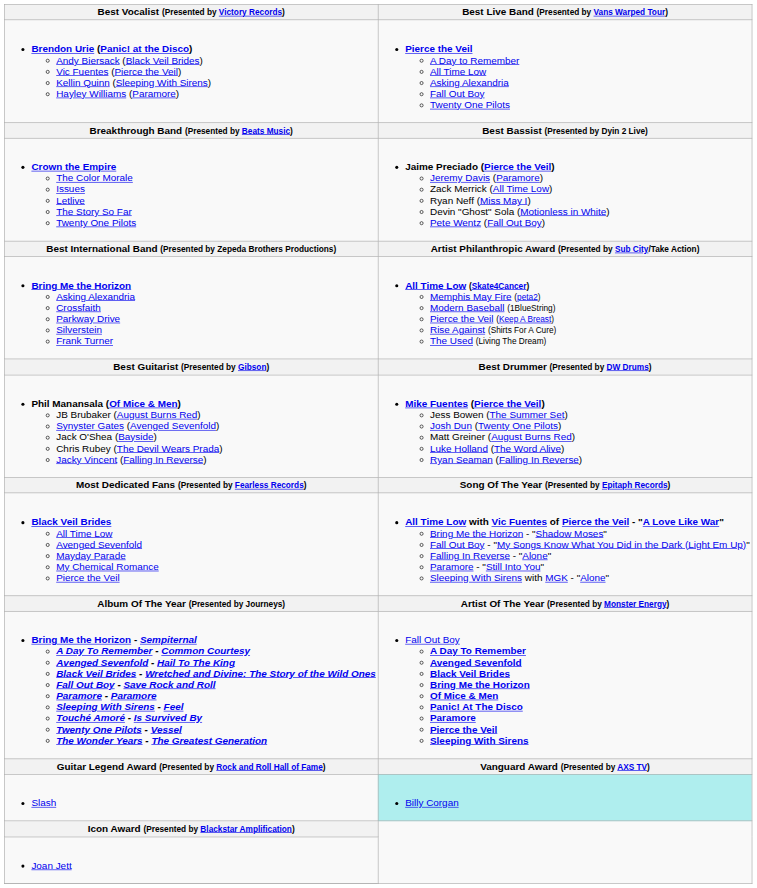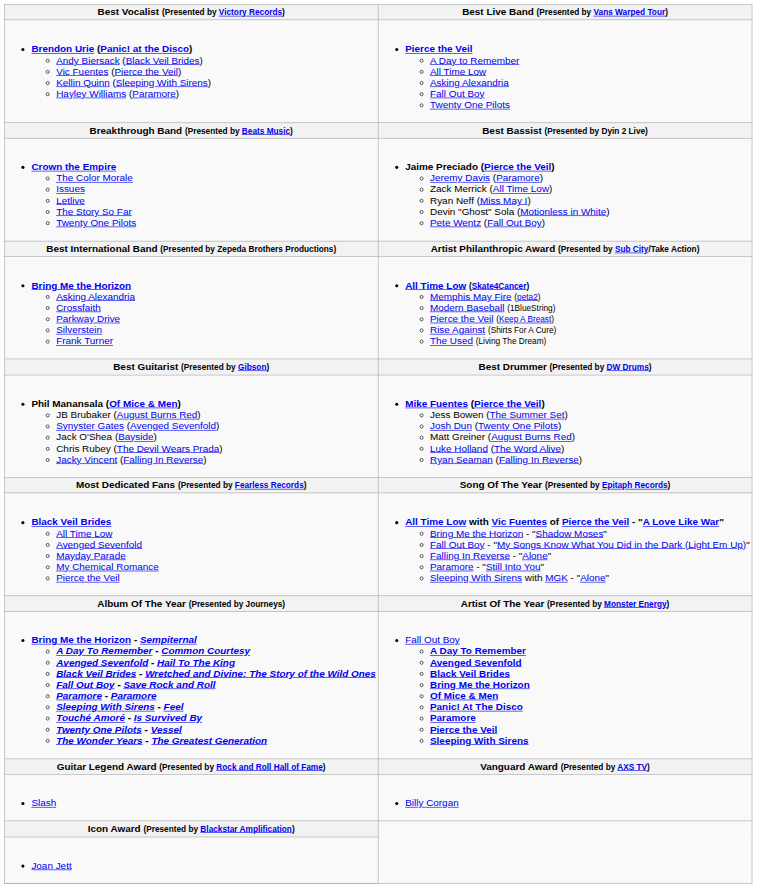 <table class="wikitable">
 <tr>
 <th>Best Vocalist <small>(Presented by <a href='#'>Victory Records</a>)</small></th>
 <th>Best Live Band <small>(Presented by <a href='#'>Vans Warped Tour</a>)</small></th>
 </tr>
 <tr>
 <td valign="top"><br><ul><li><strong><a href='#'>Brendon Urie</a> (<a href='#'>Panic! at the Disco</a>)</strong><ul><li><a href='#'>Andy Biersack</a> (<a href='#'>Black Veil Brides</a>)</li><li><a href='#'>Vic Fuentes</a> (<a href='#'>Pierce the Veil</a>)</li><li><a href='#'>Kellin Quinn</a> (<a href='#'>Sleeping With Sirens</a>)</li><li><a href='#'>Hayley Williams</a> (<a href='#'>Paramore</a>)</li></ul></li></ul></td>
 <td valign="top"><br><ul><li><strong><a href='#'>Pierce the Veil</a></strong><ul><li><a href='#'>A Day to Remember</a></li><li><a href='#'>All Time Low</a></li><li><a href='#'>Asking Alexandria</a></li><li><a href='#'>Fall Out Boy</a></li><li><a href='#'>Twenty One Pilots</a></li></ul></li></ul></td>
 </tr>
 <tr>
 <th>Breakthrough Band <small>(Presented by <a href='#'>Beats Music</a>)</small></th>
 <th>Best Bassist <small>(Presented by Dyin 2 Live)</small></th>
 </tr>
 <tr>
 <td valign="top"><br><ul><li><strong><a href='#'>Crown the Empire</a></strong><ul><li><a href='#'>The Color Morale</a></li><li><a href='#'>Issues</a></li><li><a href='#'>Letlive</a></li><li><a href='#'>The Story So Far</a></li><li><a href='#'>Twenty One Pilots</a></li></ul></li></ul></td>
 <td valign="top"><br><ul><li><strong>Jaime Preciado (<a href='#'>Pierce the Veil</a>)</strong><ul><li><a href='#'>Jeremy Davis</a> (<a href='#'>Paramore</a>)</li><li>Zack Merrick (<a href='#'>All Time Low</a>)</li><li>Ryan Neff (<a href='#'>Miss May I</a>)</li><li>Devin "Ghost" Sola (<a href='#'>Motionless in White</a>)</li><li><a href='#'>Pete Wentz</a> (<a href='#'>Fall Out Boy</a>)</li></ul></li></ul></td>
 </tr>
 <tr>
 <th>Best International Band <small>(Presented by Zepeda Brothers Productions)</small></th>
 <th>Artist Philanthropic Award <small>(Presented by <a href='#'>Sub City</a>/Take Action)</small></th>
 </tr>
 <tr>
 <td valign="top"><br><ul><li><strong><a href='#'>Bring Me the Horizon</a></strong><ul><li><a href='#'>Asking Alexandria</a></li><li><a href='#'>Crossfaith</a></li><li><a href='#'>Parkway Drive</a></li><li><a href='#'>Silverstein</a></li><li><a href='#'>Frank Turner</a></li></ul></li></ul></td>
 <td valign="top"><br><ul><li><strong><a href='#'>All Time Low</a> <small>(<a href='#'>Skate4Cancer</a>)</small></strong><ul><li><a href='#'>Memphis May Fire</a> <small>(<a href='#'>peta2</a>)</small></li><li><a href='#'>Modern Baseball</a> <small>(1BlueString)</small></li><li><a href='#'>Pierce the Veil</a> <small>(<a href='#'>Keep A Breast</a>)</small></li><li><a href='#'>Rise Against</a> <small>(Shirts For A Cure)</small></li><li><a href='#'>The Used</a> <small>(Living The Dream)</small></li></ul></li></ul></td>
 </tr>
 <tr>
 <th>Best Guitarist <small>(Presented by <a href='#'>Gibson</a>)</small></th>
 <th>Best Drummer <small>(Presented by <a href='#'>DW Drums</a>)</small></th>
 </tr>
 <tr>
 <td valign="top"><br><ul><li><strong>Phil Manansala (<a href='#'>Of Mice & Men</a>)</strong><ul><li>JB Brubaker (<a href='#'>August Burns Red</a>)</li><li><a href='#'>Synyster Gates</a> (<a href='#'>Avenged Sevenfold</a>)</li><li>Jack O'Shea (<a href='#'>Bayside</a>)</li><li>Chris Rubey (<a href='#'>The Devil Wears Prada</a>)</li><li><a href='#'>Jacky Vincent</a> (<a href='#'>Falling In Reverse</a>)</li></ul></li></ul></td>
 <td valign="top"><br><ul><li><strong><a href='#'>Mike Fuentes</a> (<a href='#'>Pierce the Veil</a>)</strong><ul><li>Jess Bowen (<a href='#'>The Summer Set</a>)</li><li><a href='#'>Josh Dun</a> (<a href='#'>Twenty One Pilots</a>)</li><li>Matt Greiner (<a href='#'>August Burns Red</a>)</li><li><a href='#'>Luke Holland</a> (<a href='#'>The Word Alive</a>)</li><li><a href='#'>Ryan Seaman</a> (<a href='#'>Falling In Reverse</a>)</li></ul></li></ul></td>
 </tr>
 <tr>
 <th>Most Dedicated Fans <small>(Presented by <a href='#'>Fearless Records</a>)</small></th>
 <th>Song Of The Year <small>(Presented by <a href='#'>Epitaph Records</a>)</small></th>
 </tr>
 <tr>
 <td valign="top"><br><ul><li><strong><a href='#'>Black Veil Brides</a></strong><ul><li><a href='#'>All Time Low</a></li><li><a href='#'>Avenged Sevenfold</a></li><li><a href='#'>Mayday Parade</a></li><li><a href='#'>My Chemical Romance</a></li><li><a href='#'>Pierce the Veil</a></li></ul></li></ul></td>
 <td valign="top"><br><ul><li><strong><a href='#'>All Time Low</a> with <a href='#'>Vic Fuentes</a> of <a href='#'>Pierce the Veil</a> - "<a href='#'>A Love Like War</a>" </strong><ul><li><a href='#'>Bring Me the Horizon</a> - "<a href='#'>Shadow Moses</a>"</li><li><a href='#'>Fall Out Boy</a> - "<a href='#'>My Songs Know What You Did in the Dark (Light Em Up)</a>"</li><li><a href='#'>Falling In Reverse</a> - "<a href='#'>Alone</a>"</li><li><a href='#'>Paramore</a> - "<a href='#'>Still Into You</a>"</li><li><a href='#'>Sleeping With Sirens</a> with <a href='#'>MGK</a> - "<a href='#'>Alone</a>"</li></ul></li></ul></td>
 </tr>
 <tr>
 <th>Album Of The Year <small>(Presented by Journeys)</small></th>
 <th>Artist Of The Year <small>(Presented by <a href='#'>Monster Energy</a>)</small></th>
 </tr>
 <tr>
 <td valign="top"><br><ul><li><strong><a href='#'>Bring Me the Horizon</a> - <em><a href='#'>Sempiternal</a><strong><em><ul><li><a href='#'>A Day To Remember</a> - </em><a href='#'>Common Courtesy</a><em></li><li><a href='#'>Avenged Sevenfold</a> - </em><a href='#'>Hail To The King</a><em></li><li><a href='#'>Black Veil Brides</a> - </em><a href='#'>Wretched and Divine: The Story of the Wild Ones</a><em></li><li><a href='#'>Fall Out Boy</a> - </em><a href='#'>Save Rock and Roll</a><em></li><li><a href='#'>Paramore</a> - </em><a href='#'>Paramore</a><em></li><li><a href='#'>Sleeping With Sirens</a> - </em><a href='#'>Feel</a><em></li><li><a href='#'>Touché Amoré</a> - </em><a href='#'>Is Survived By</a><em></li><li><a href='#'>Twenty One Pilots</a> - </em><a href='#'>Vessel</a><em></li><li><a href='#'>The Wonder Years</a> - </em><a href='#'>The Greatest Generation</a><em></li></ul></li></ul></td>
 <td valign="top"><br><ul><li></strong><a href='#'>Fall Out Boy</a><strong><ul><li><a href='#'>A Day To Remember</a></li><li><a href='#'>Avenged Sevenfold</a></li><li><a href='#'>Black Veil Brides</a></li><li><a href='#'>Bring Me the Horizon</a></li><li><a href='#'>Of Mice & Men</a></li><li><a href='#'>Panic! At The Disco</a></li><li><a href='#'>Paramore</a></li><li><a href='#'>Pierce the Veil</a></li><li><a href='#'>Sleeping With Sirens</a></li></ul></li></ul></td>
 </tr>
 <tr>
 <th>Guitar Legend Award <small>(Presented by <a href='#'>Rock and Roll Hall of Fame</a>)</small></th>
 <th>Vanguard Award <small>(Presented by <a href='#'>AXS TV</a>)</small></th>
 </tr>
 <tr>
 <td valign="top"><br><ul><li></strong><a href='#'>Slash</a><strong></li></ul></td>
-<td valign="top" style="background: paleturquoise;"><br><ul><li></strong><a href='#'>Billy Corgan</a><strong></li></ul></td>
+<td valign="top"><br><ul><li></strong><a href='#'>Billy Corgan</a><strong></li></ul></td>
 </tr>
 <tr>
 <th>Icon Award <small>(Presented by <a href='#'>Blackstar Amplification</a>)</small></th>
 </tr>
 <tr>
 <td valign="top"><br><ul><li></strong><a href='#'>Joan Jett</a><strong></li></ul></td>
 </tr>
 <tr>
 </tr>
 </table>
